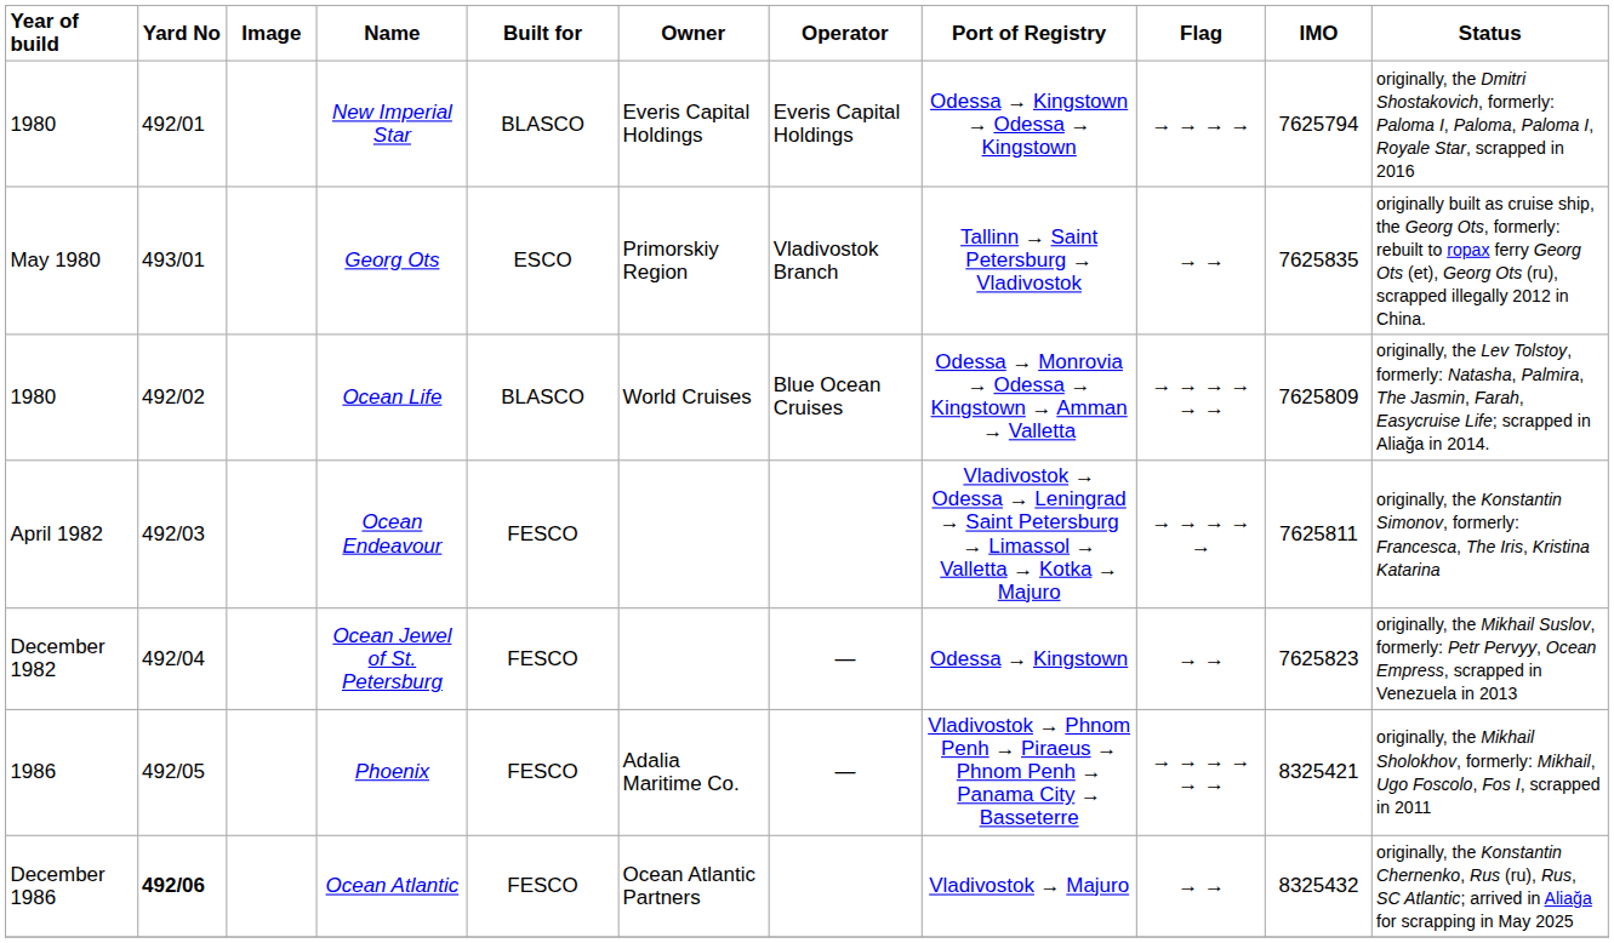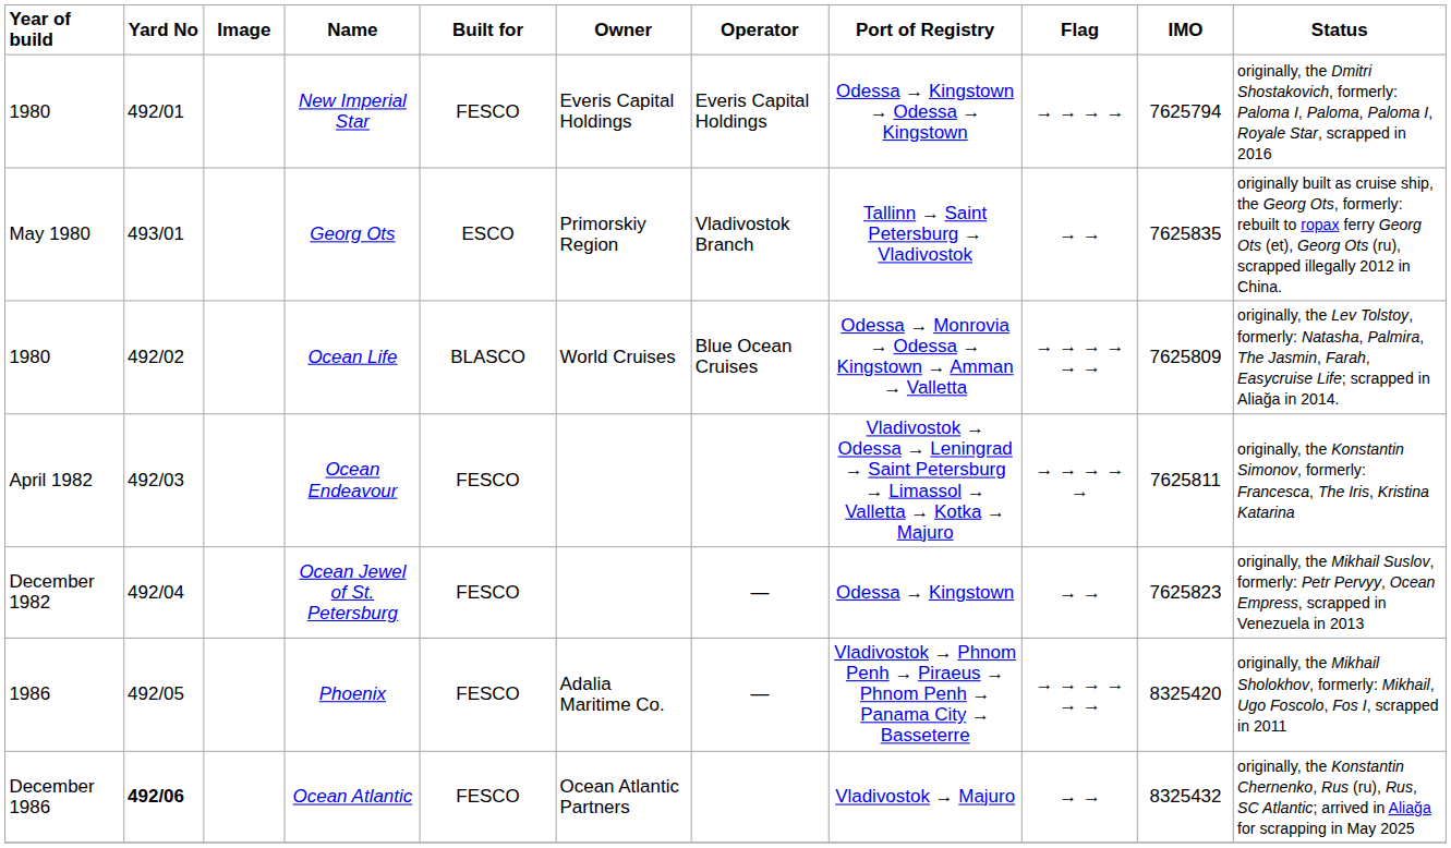 <table class="sortable wikitable" style="background:white; text-align:left; font-size">
 <tr>
 <td width="5%"><strong>Year of build</strong></td>
 <td width="3%" align="Center"><strong>Yard No</strong></td>
 <td width="4%" align="Center"><strong>Image</strong></td>
 <td width="7%" align="Center"><strong>Name</strong></td>
 <td width="7%" align="Center"><strong>Built for</strong></td>
 <td width="7%" align="Center"><strong>Owner</strong></td>
 <td width="7%" align="Center"><strong>Operator</strong></td>
 <td width="10%" align="Center"><strong>Port of Registry</strong></td>
 <td width="6%" align="Center"><strong>Flag</strong></td>
 <td width="3%" align="Center"><strong>IMO</strong></td>
 <td width="11%" align="Center"><strong>Status</strong></td>
 </tr>
 <tr>
 <td align=Left>1980</td>
 <td>492/01</td>
 <td></td>
 <td align="Center"><em><a href='#'>New Imperial Star</a></em></td>
-<td align="Center">BLASCO</td>
+<td align="Center">FESCO</td>
 <td align=Left>Everis Capital Holdings</td>
 <td align=Left>Everis Capital Holdings</td>
 <td align="Center"><a href='#'>Odessa</a> → <a href='#'>Kingstown</a> → <a href='#'>Odessa</a> → <a href='#'>Kingstown</a></td>
 <td align="Center"> →  →   →  →  </td>
 <td align="Center">7625794</td>
 <td><small> originally, the <em>Dmitri Shostakovich</em>, formerly: <em>Paloma I</em>, <em>Paloma</em>, <em>Paloma I</em>, <em>Royale Star</em>, scrapped in 2016 </small></td>
 </tr>
 <tr>
 <td align=Left>May 1980</td>
 <td>493/01</td>
 <td></td>
 <td align="Center"><em><a href='#'>Georg Ots</a></em></td>
 <td align="Center">ESCO</td>
 <td align=Left>Primorskiy Region</td>
 <td align=Left>Vladivostok Branch</td>
 <td align="Center"><a href='#'>Tallinn</a> → <a href='#'>Saint Petersburg</a> → <a href='#'>Vladivostok</a></td>
 <td align="Center"> →  →  </td>
 <td align="Center">7625835</td>
 <td><small> originally built as cruise ship, the <em>Georg Ots</em>, formerly: rebuilt to <a href='#'>ropax</a> ferry <em>Georg Ots</em> (et), <em>Georg Ots</em> (ru), scrapped illegally 2012 in China. </small></td>
 </tr>
 <tr>
 <td align=Left>1980</td>
 <td>492/02</td>
 <td></td>
 <td align="Center"><em><a href='#'>Ocean Life</a></em></td>
 <td align="Center">BLASCO</td>
 <td align=Left>World Cruises</td>
 <td align=Left>Blue Ocean Cruises</td>
 <td align="Center"><a href='#'>Odessa</a> → <a href='#'>Monrovia</a> → <a href='#'>Odessa</a> → <a href='#'>Kingstown</a> → <a href='#'>Amman</a> → <a href='#'>Valletta</a></td>
 <td align="Center"> →  →  →  →   →  →  </td>
 <td align="Center">7625809</td>
 <td><small> originally, the <em>Lev Tolstoy</em>, formerly: <em>Natasha</em>, <em>Palmira</em>, <em>The Jasmin</em>, <em>Farah</em>, <em>Easycruise Life</em>; scrapped in Aliağa in 2014.</small></td>
 </tr>
 <tr>
 <td align=Left>April 1982</td>
 <td>492/03</td>
 <td></td>
 <td align="Center"><em><a href='#'>Ocean Endeavour</a></em></td>
 <td align="Center">FESCO</td>
 <td align=Left></td>
 <td align=Left></td>
 <td align="Center"><a href='#'>Vladivostok</a> → <a href='#'>Odessa</a> → <a href='#'>Leningrad</a> → <a href='#'>Saint Petersburg</a> → <a href='#'>Limassol</a> → <a href='#'>Valletta</a> → <a href='#'>Kotka</a> → <a href='#'>Majuro</a></td>
 <td align="Center"> →  →   →  →   →  </td>
 <td align="Center">7625811</td>
 <td><small> originally, the <em>Konstantin Simonov</em>, formerly: <em>Francesca</em>, <em>The Iris</em>, <em>Kristina Katarina</em></small></td>
 </tr>
 <tr>
 <td align=Left>December 1982</td>
 <td>492/04</td>
 <td></td>
 <td align="Center"><em><a href='#'>Ocean Jewel of St. Petersburg</a></em></td>
 <td align="Center">FESCO</td>
 <td align=Left></td>
 <td align="Center">—</td>
 <td align="Center"><a href='#'>Odessa</a> → <a href='#'>Kingstown</a></td>
 <td align="Center"> →  →  </td>
 <td align="Center">7625823</td>
 <td><small> originally, the <em>Mikhail Suslov</em>, formerly: <em>Petr Pervyy</em>, <em>Ocean Empress</em>, scrapped in Venezuela in 2013 </small></td>
 </tr>
 <tr>
 <td align=Left>1986</td>
 <td>492/05</td>
 <td></td>
 <td align="Center"><em><a href='#'>Phoenix</a></em></td>
 <td align="Center">FESCO</td>
 <td align=Left>Adalia Maritime Co.</td>
 <td align="Center">—</td>
 <td align="Center"><a href='#'>Vladivostok</a> → <a href='#'>Phnom Penh</a> → <a href='#'>Piraeus</a> → <a href='#'>Phnom Penh</a> → <a href='#'>Panama City</a> → <a href='#'>Basseterre</a></td>
 <td align="Center"> →  →   →   →  →   →  </td>
-<td align="Center">8325421</td>
+<td align="Center">8325420</td>
 <td><small> originally, the <em>Mikhail Sholokhov</em>, formerly: <em>Mikhail</em>, <em>Ugo Foscolo</em>, <em>Fos I</em>, scrapped in 2011 </small></td>
 </tr>
 <tr>
 <td align=Left>December 1986</td>
 <td><strong>492/06</strong></td>
 <td></td>
 <td align="Center"><em><a href='#'>Ocean Atlantic</a></em></td>
 <td align="Center">FESCO</td>
 <td align=Left>Ocean Atlantic Partners</td>
 <td align=Left></td>
 <td align="Center"><a href='#'>Vladivostok</a> → <a href='#'>Majuro</a></td>
 <td align="Center"> →  →  </td>
 <td align="Center">8325432</td>
 <td><small> originally, the <em>Konstantin Chernenko</em>, <em>Rus</em> (ru), <em>Rus</em>, <em>SC Atlantic</em>; arrived in <a href='#'>Aliağa</a> for scrapping in May 2025 </small></td>
 </tr>
 <tr>
 </tr>
 </table>
